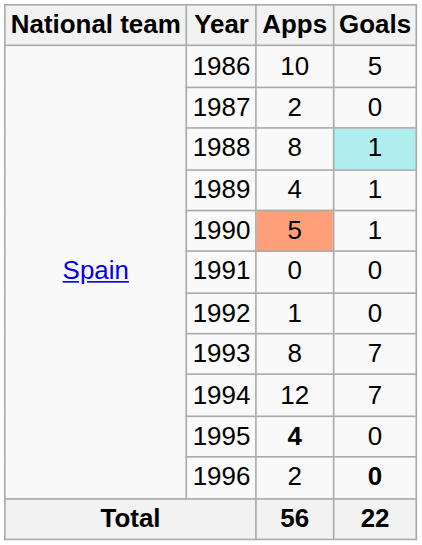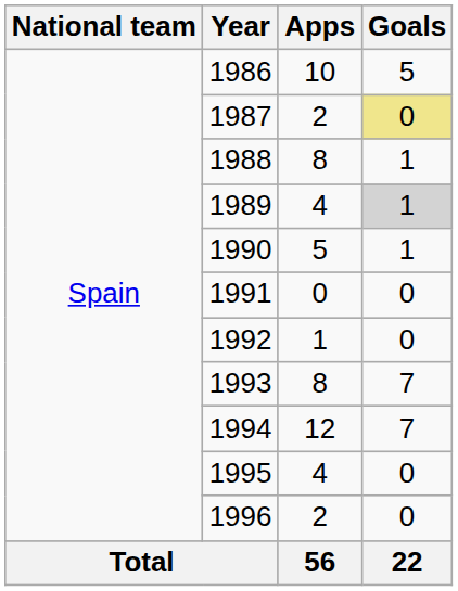 <table class="wikitable" style="text-align:center">
 <tr>
 <th>National team</th>
 <th>Year</th>
 <th>Apps</th>
 <th>Goals</th>
 </tr>
 <tr>
 <td rowspan="11"><a href='#'>Spain</a></td>
 <td>1986</td>
 <td>10</td>
 <td>5</td>
 </tr>
 <tr>
 <td>1987</td>
 <td>2</td>
-<td>0</td>
+<td style="background: khaki;">0</td>
 </tr>
 <tr>
 <td>1988</td>
 <td>8</td>
-<td style="background: paleturquoise;">1</td>
+<td>1</td>
 </tr>
 <tr>
 <td>1989</td>
 <td>4</td>
-<td>1</td>
+<td style="background: lightgrey;">1</td>
 </tr>
 <tr>
 <td>1990</td>
-<td style="background: lightsalmon;">5</td>
+<td>5</td>
 <td>1</td>
 </tr>
 <tr>
 <td>1991</td>
 <td>0</td>
 <td>0</td>
 </tr>
 <tr>
 <td>1992</td>
 <td>1</td>
 <td>0</td>
 </tr>
 <tr>
 <td>1993</td>
 <td>8</td>
 <td>7</td>
 </tr>
 <tr>
 <td>1994</td>
 <td>12</td>
 <td>7</td>
 </tr>
 <tr>
 <td>1995</td>
-<td><strong>4</strong></td>
+<td>4</td>
 <td>0</td>
 </tr>
 <tr>
 <td>1996</td>
 <td>2</td>
-<td><strong>0</strong></td>
+<td>0</td>
 </tr>
 <tr>
 <th colspan="2">Total</th>
 <th>56</th>
 <th>22</th>
 </tr>
 </table>
